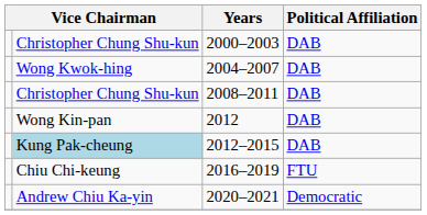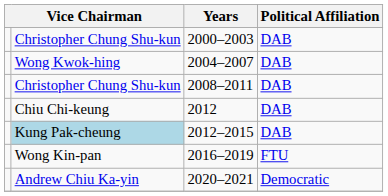 <table class="wikitable">
 <tr>
 <th colspan=2>Vice Chairman</th>
 <th>Years</th>
 <th>Political Affiliation</th>
 </tr>
 <tr>
 <td style="color:inherit;background: "></td>
 <td><a href='#'>Christopher Chung Shu-kun</a></td>
 <td>2000–2003</td>
 <td><a href='#'>DAB</a></td>
 </tr>
 <tr>
 <td style="color:inherit;background: "></td>
 <td><a href='#'>Wong Kwok-hing</a></td>
 <td>2004–2007</td>
 <td><a href='#'>DAB</a></td>
 </tr>
 <tr>
 <td style="color:inherit;background: "></td>
 <td><a href='#'>Christopher Chung Shu-kun</a></td>
 <td>2008–2011</td>
 <td><a href='#'>DAB</a></td>
 </tr>
 <tr>
 <td style="color:inherit;background: "></td>
-<td>Wong Kin-pan</td>
+<td>Chiu Chi-keung</td>
 <td>2012</td>
 <td><a href='#'>DAB</a></td>
 </tr>
 <tr>
 <td style="color:inherit;background: "></td>
 <td style="background: lightblue;">Kung Pak-cheung</td>
 <td>2012–2015</td>
 <td><a href='#'>DAB</a></td>
 </tr>
 <tr>
 <td style="color:inherit;background: "></td>
-<td>Chiu Chi-keung</td>
+<td>Wong Kin-pan</td>
 <td>2016–2019</td>
 <td><a href='#'>FTU</a></td>
 </tr>
 <tr>
 <td style="color:inherit;background: "></td>
 <td><a href='#'>Andrew Chiu Ka-yin</a></td>
 <td>2020–2021</td>
 <td><a href='#'>Democratic</a></td>
 </tr>
 <tr>
 </tr>
 </table>
